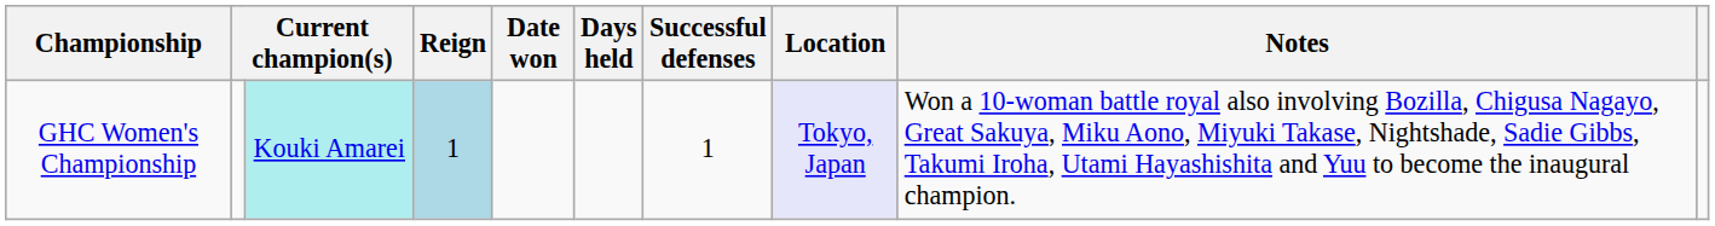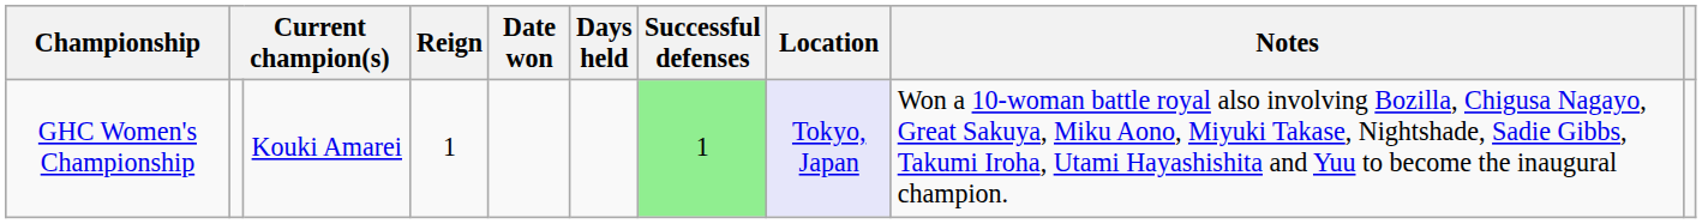 <table class="wikitable" style="text-align:center; font-size:85%;">
 <tr>
 <th>Championship</th>
 <th colspan="2">Current champion(s)</th>
 <th>Reign</th>
 <th>Date won</th>
 <th>Days<br>held</th>
 <th>Successful<br>defenses</th>
 <th>Location</th>
 <th>Notes</th>
 <th class="unsortable"></th>
 </tr>
 <tr>
 <td><a href='#'>GHC Women's Championship</a></td>
 <td></td>
-<td style="background: paleturquoise;"><a href='#'>Kouki Amarei</a></td>
-<td style="background: lightblue;">1</td>
+<td><a href='#'>Kouki Amarei</a></td>
+<td>1</td>
 <td></td>
 <td></td>
-<td>1</td>
+<td style="background: lightgreen;">1</td>
 <td style="background: lavender;"><a href='#'>Tokyo, Japan</a></td>
 <td align=left>Won a <a href='#'>10-woman battle royal</a> also involving <a href='#'>Bozilla</a>, <a href='#'>Chigusa Nagayo</a>, <a href='#'>Great Sakuya</a>, <a href='#'>Miku Aono</a>, <a href='#'>Miyuki Takase</a>, Nightshade, <a href='#'>Sadie Gibbs</a>, <a href='#'>Takumi Iroha</a>, <a href='#'>Utami Hayashishita</a> and <a href='#'>Yuu</a> to become the inaugural champion.</td>
 <td></td>
 </tr>
 </table>
